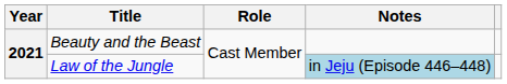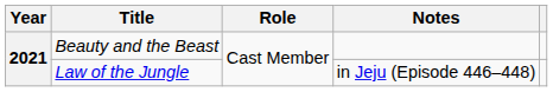 <table class="wikitable plainrowheaders sortable">
 <tr>
 <th scope="col">Year</th>
 <th scope="col">Title</th>
 <th scope="col">Role</th>
 <th scope="col">Notes</th>
 <th scope="col" class="unsortable"></th>
 </tr>
 <tr>
 <th scope="row" rowspan="2">2021</th>
 <td><em>Beauty and the Beast</em></td>
 <td rowspan="2">Cast Member</td>
 <td></td>
 <td style="text-align:center"></td>
 </tr>
 <tr>
 <td><em><a href='#'>Law of the Jungle</a></em></td>
-<td style="background: lightblue;">in <a href='#'>Jeju</a> (Episode 446–448)</td>
+<td>in <a href='#'>Jeju</a> (Episode 446–448)</td>
 <td style="text-align:center"></td>
 </tr>
 </table>
